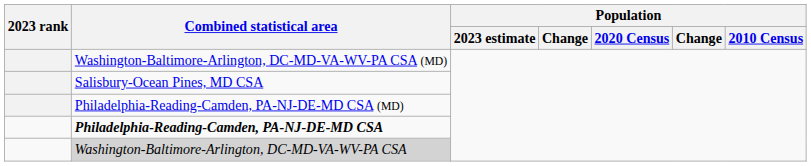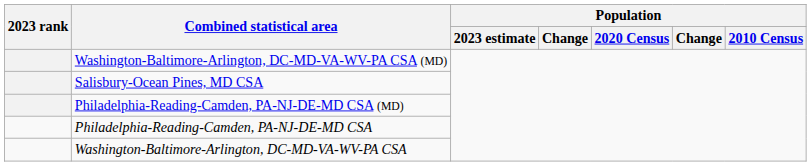 <table class="wikitable sortable">
 <tr>
 <th scope=col rowspan=2>2023 rank</th>
 <th scope=col rowspan=2><a href='#'>Combined statistical area</a></th>
 <th colspan=5>Population</th>
 </tr>
 <tr>
 <th scope=col>2023 estimate</th>
 <th scope=col>Change</th>
 <th scope=col><a href='#'>2020 Census</a></th>
 <th scope=col>Change</th>
 <th scope=col><a href='#'>2010 Census</a></th>
 </tr>
 <tr>
 <th scope=row></th>
 <td><a href='#'>Washington-Baltimore-Arlington, DC-MD-VA-WV-PA CSA</a> <small>(MD)</small><br></td>
 </tr>
 <tr>
 <th scope=row></th>
 <td><a href='#'>Salisbury-Ocean Pines, MD CSA</a><br></td>
 </tr>
 <tr>
 <th scope=row></th>
 <td><a href='#'>Philadelphia-Reading-Camden, PA-NJ-DE-MD CSA</a> <small>(MD)</small><br></td>
 </tr>
 <tr>
 <td></td>
-<td><strong><em><span>Philadelphia-Reading-Camden, PA-NJ-DE-MD CSA</span></em><br></strong></td>
+<td><em><span>Philadelphia-Reading-Camden, PA-NJ-DE-MD CSA</span></em><br></td>
 </tr>
 <tr>
 <td></td>
-<td style="background: lightgrey;"><em><span>Washington-Baltimore-Arlington, DC-MD-VA-WV-PA CSA</span></em><br></td>
+<td><em><span>Washington-Baltimore-Arlington, DC-MD-VA-WV-PA CSA</span></em><br></td>
 </tr>
 </table>
